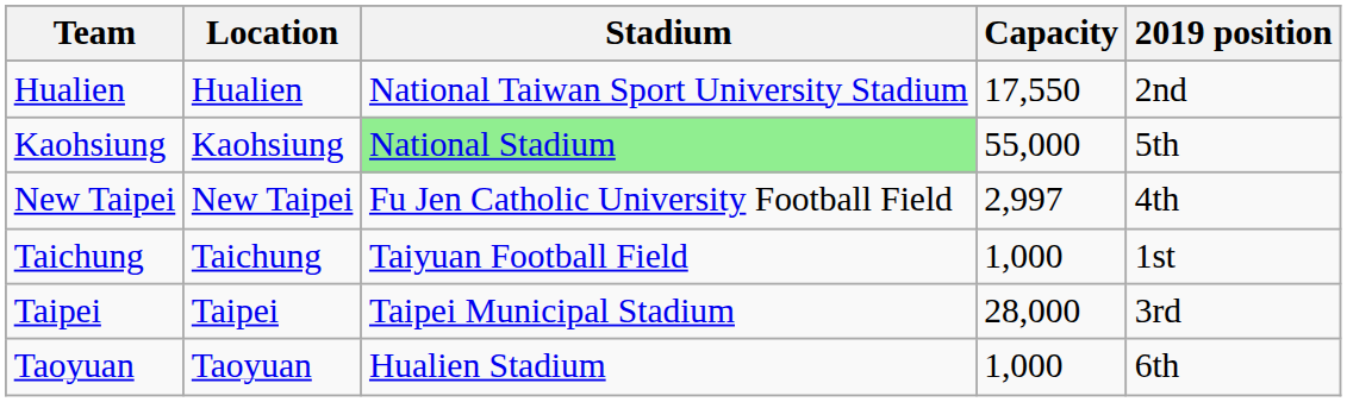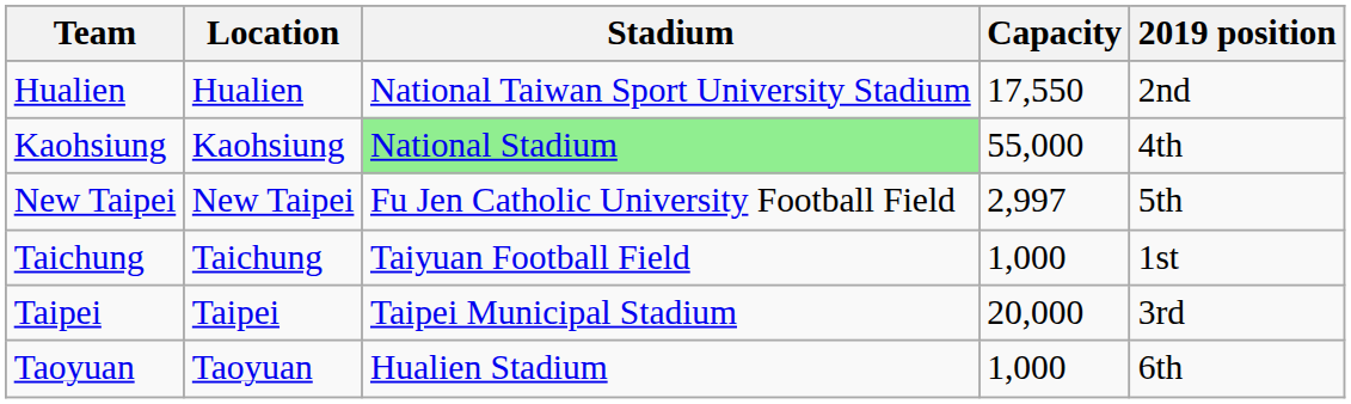 <table class="wikitable sortable">
 <tr>
 <th>Team</th>
 <th>Location</th>
 <th>Stadium</th>
 <th>Capacity</th>
 <th data-sort-type="number">2019 position</th>
 </tr>
 <tr>
 <td><a href='#'>Hualien</a></td>
 <td><a href='#'>Hualien</a></td>
 <td><a href='#'>National Taiwan Sport University Stadium</a></td>
 <td>17,550</td>
 <td>2nd</td>
 </tr>
 <tr>
 <td><a href='#'>Kaohsiung</a></td>
 <td><a href='#'>Kaohsiung</a></td>
 <td style="background: lightgreen;"><a href='#'>National Stadium</a></td>
 <td>55,000</td>
-<td>5th</td>
+<td>4th</td>
 </tr>
 <tr>
 <td><a href='#'>New Taipei</a></td>
 <td><a href='#'>New Taipei</a></td>
 <td><a href='#'>Fu Jen Catholic University</a> Football Field</td>
 <td>2,997</td>
-<td>4th</td>
+<td>5th</td>
 </tr>
 <tr>
 <td><a href='#'>Taichung</a></td>
 <td><a href='#'>Taichung</a></td>
 <td><a href='#'>Taiyuan Football Field</a></td>
 <td>1,000</td>
 <td>1st</td>
 </tr>
 <tr>
 <td><a href='#'>Taipei</a></td>
 <td><a href='#'>Taipei</a></td>
 <td><a href='#'>Taipei Municipal Stadium</a></td>
-<td>28,000</td>
+<td>20,000</td>
 <td>3rd</td>
 </tr>
 <tr>
 <td><a href='#'>Taoyuan</a></td>
 <td><a href='#'>Taoyuan</a></td>
 <td><a href='#'>Hualien Stadium</a></td>
 <td>1,000</td>
 <td>6th</td>
 </tr>
 </table>
